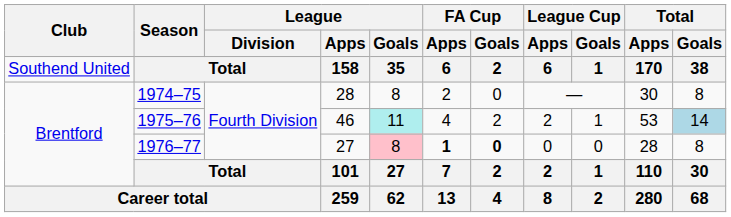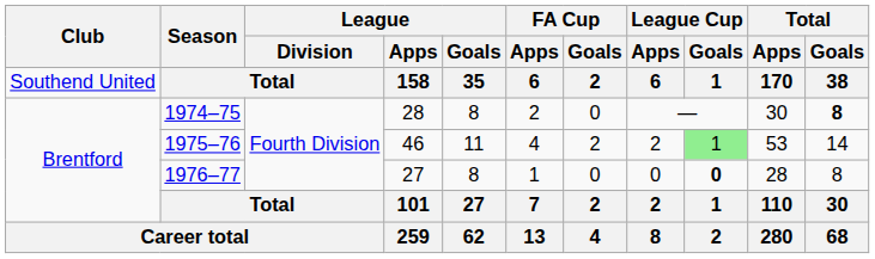 <table class="wikitable" style="text-align: center;">
 <tr>
 <th rowspan="2">Club</th>
 <th rowspan="2">Season</th>
 <th colspan="3">League</th>
 <th colspan="2">FA Cup</th>
 <th colspan="2">League Cup</th>
 <th colspan="2">Total</th>
 </tr>
 <tr>
 <th>Division</th>
 <th>Apps</th>
 <th>Goals</th>
 <th>Apps</th>
 <th>Goals</th>
 <th>Apps</th>
 <th>Goals</th>
 <th>Apps</th>
 <th>Goals</th>
 </tr>
 <tr>
 <td><a href='#'>Southend United</a></td>
 <th colspan="2">Total</th>
 <th>158</th>
 <th>35</th>
 <th>6</th>
 <th>2</th>
 <th>6</th>
 <th>1</th>
 <th>170</th>
 <th>38</th>
 </tr>
 <tr>
 <td rowspan="4"><a href='#'>Brentford</a></td>
 <td><a href='#'>1974–75</a></td>
 <td rowspan="3"><a href='#'>Fourth Division</a></td>
 <td>28</td>
 <td>8</td>
 <td>2</td>
 <td>0</td>
 <td colspan="2">—</td>
 <td>30</td>
-<td>8</td>
+<td><strong>8</strong></td>
 </tr>
 <tr>
 <td><a href='#'>1975–76</a></td>
 <td>46</td>
-<td style="background: paleturquoise;">11</td>
+<td>11</td>
 <td>4</td>
 <td>2</td>
 <td>2</td>
-<td>1</td>
+<td style="background: lightgreen;">1</td>
 <td>53</td>
-<td style="background: lightblue;">14</td>
+<td>14</td>
 </tr>
 <tr>
 <td><a href='#'>1976–77</a></td>
 <td>27</td>
-<td style="background: pink;">8</td>
-<td><strong>1</strong></td>
-<td><strong>0</strong></td>
+<td>8</td>
+<td>1</td>
 <td>0</td>
 <td>0</td>
+<td><strong>0</strong></td>
 <td>28</td>
 <td>8</td>
 </tr>
 <tr>
 <th colspan="2">Total</th>
 <th>101</th>
 <th>27</th>
 <th>7</th>
 <th>2</th>
 <th>2</th>
 <th>1</th>
 <th>110</th>
 <th>30</th>
 </tr>
 <tr>
 <th colspan="3">Career total</th>
 <th>259</th>
 <th>62</th>
 <th>13</th>
 <th>4</th>
 <th>8</th>
 <th>2</th>
 <th>280</th>
 <th>68</th>
 </tr>
 </table>
